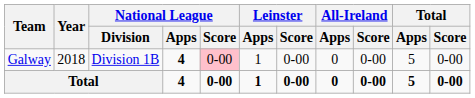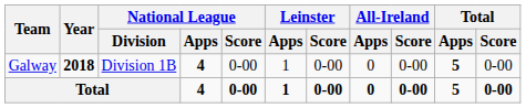 <table class="wikitable" style="text-align:center">
 <tr>
 <th rowspan="2">Team</th>
 <th rowspan="2">Year</th>
 <th colspan="3"><a href='#'>National League</a></th>
 <th colspan="2"><a href='#'>Leinster</a></th>
 <th colspan="2"><a href='#'>All-Ireland</a></th>
 <th colspan="2">Total</th>
 </tr>
 <tr>
 <th>Division</th>
 <th>Apps</th>
 <th>Score</th>
 <th>Apps</th>
 <th>Score</th>
 <th>Apps</th>
 <th>Score</th>
 <th>Apps</th>
 <th>Score</th>
 </tr>
 <tr>
 <td rowspan="1"><a href='#'>Galway</a></td>
-<td>2018</td>
+<td><strong>2018</strong></td>
 <td rowspan="1"><a href='#'>Division 1B</a></td>
 <td><strong>4</strong></td>
-<td style="background: pink;">0-00</td>
+<td>0-00</td>
 <td>1</td>
 <td>0-00</td>
 <td>0</td>
 <td>0-00</td>
-<td>5</td>
+<td><strong>5</strong></td>
 <td>0-00</td>
 </tr>
 <tr>
 <th colspan="3">Total</th>
 <td><strong>4</strong></td>
 <td><strong>0-00</strong></td>
 <td><strong>1</strong></td>
 <td><strong>0-00</strong></td>
 <td><strong>0</strong></td>
 <td><strong>0-00</strong></td>
 <td><strong>5</strong></td>
 <td><strong>0-00</strong></td>
 </tr>
 </table>
